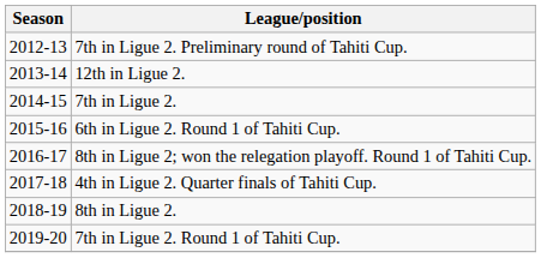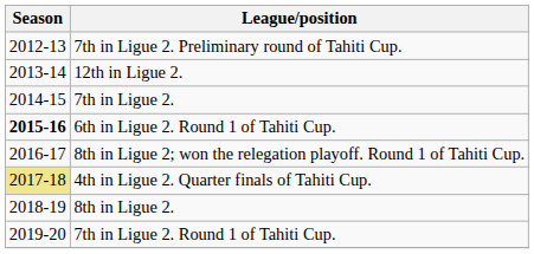 <table class="wikitable sortable">
 <tr>
 <th>Season</th>
 <th>League/position</th>
 </tr>
 <tr>
 <td>2012-13</td>
 <td>7th in Ligue 2. Preliminary round of Tahiti Cup.</td>
 </tr>
 <tr>
 <td>2013-14</td>
 <td>12th in Ligue 2.</td>
 </tr>
 <tr>
 <td>2014-15</td>
 <td>7th in Ligue 2.</td>
 </tr>
 <tr>
-<td>2015-16</td>
+<td><strong>2015-16</strong></td>
 <td>6th in Ligue 2. Round 1 of Tahiti Cup.</td>
 </tr>
 <tr>
 <td>2016-17</td>
 <td>8th in Ligue 2; won the relegation playoff. Round 1 of Tahiti Cup.</td>
 </tr>
 <tr>
-<td>2017-18</td>
+<td style="background: khaki;">2017-18</td>
 <td>4th in Ligue 2. Quarter finals of Tahiti Cup.</td>
 </tr>
 <tr>
 <td>2018-19</td>
 <td>8th in Ligue 2.</td>
 </tr>
 <tr>
 <td>2019-20</td>
 <td>7th in Ligue 2. Round 1 of Tahiti Cup.</td>
 </tr>
 <tr>
 </tr>
 </table>
